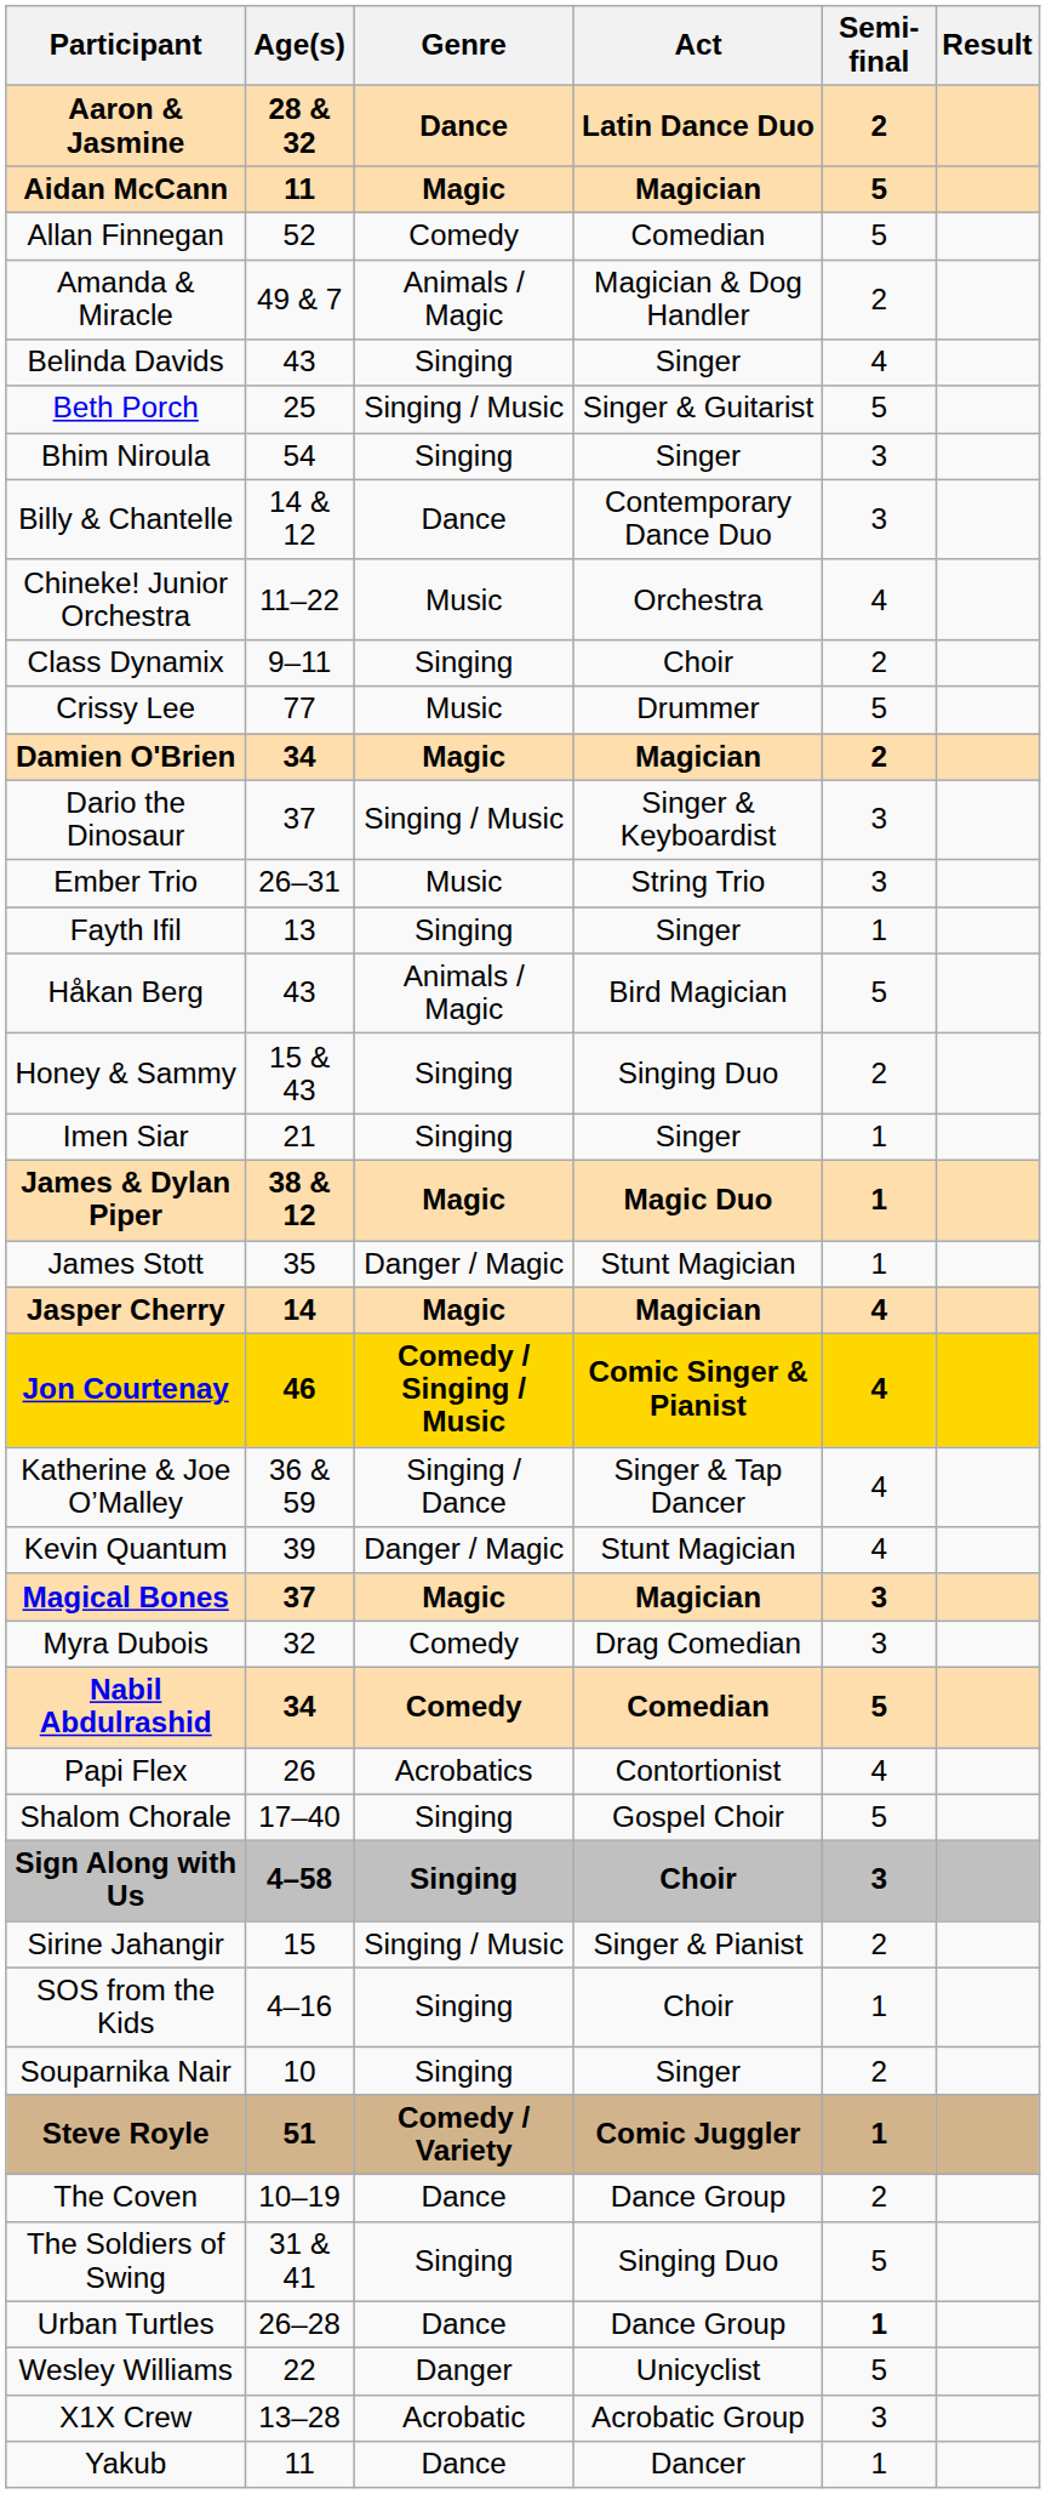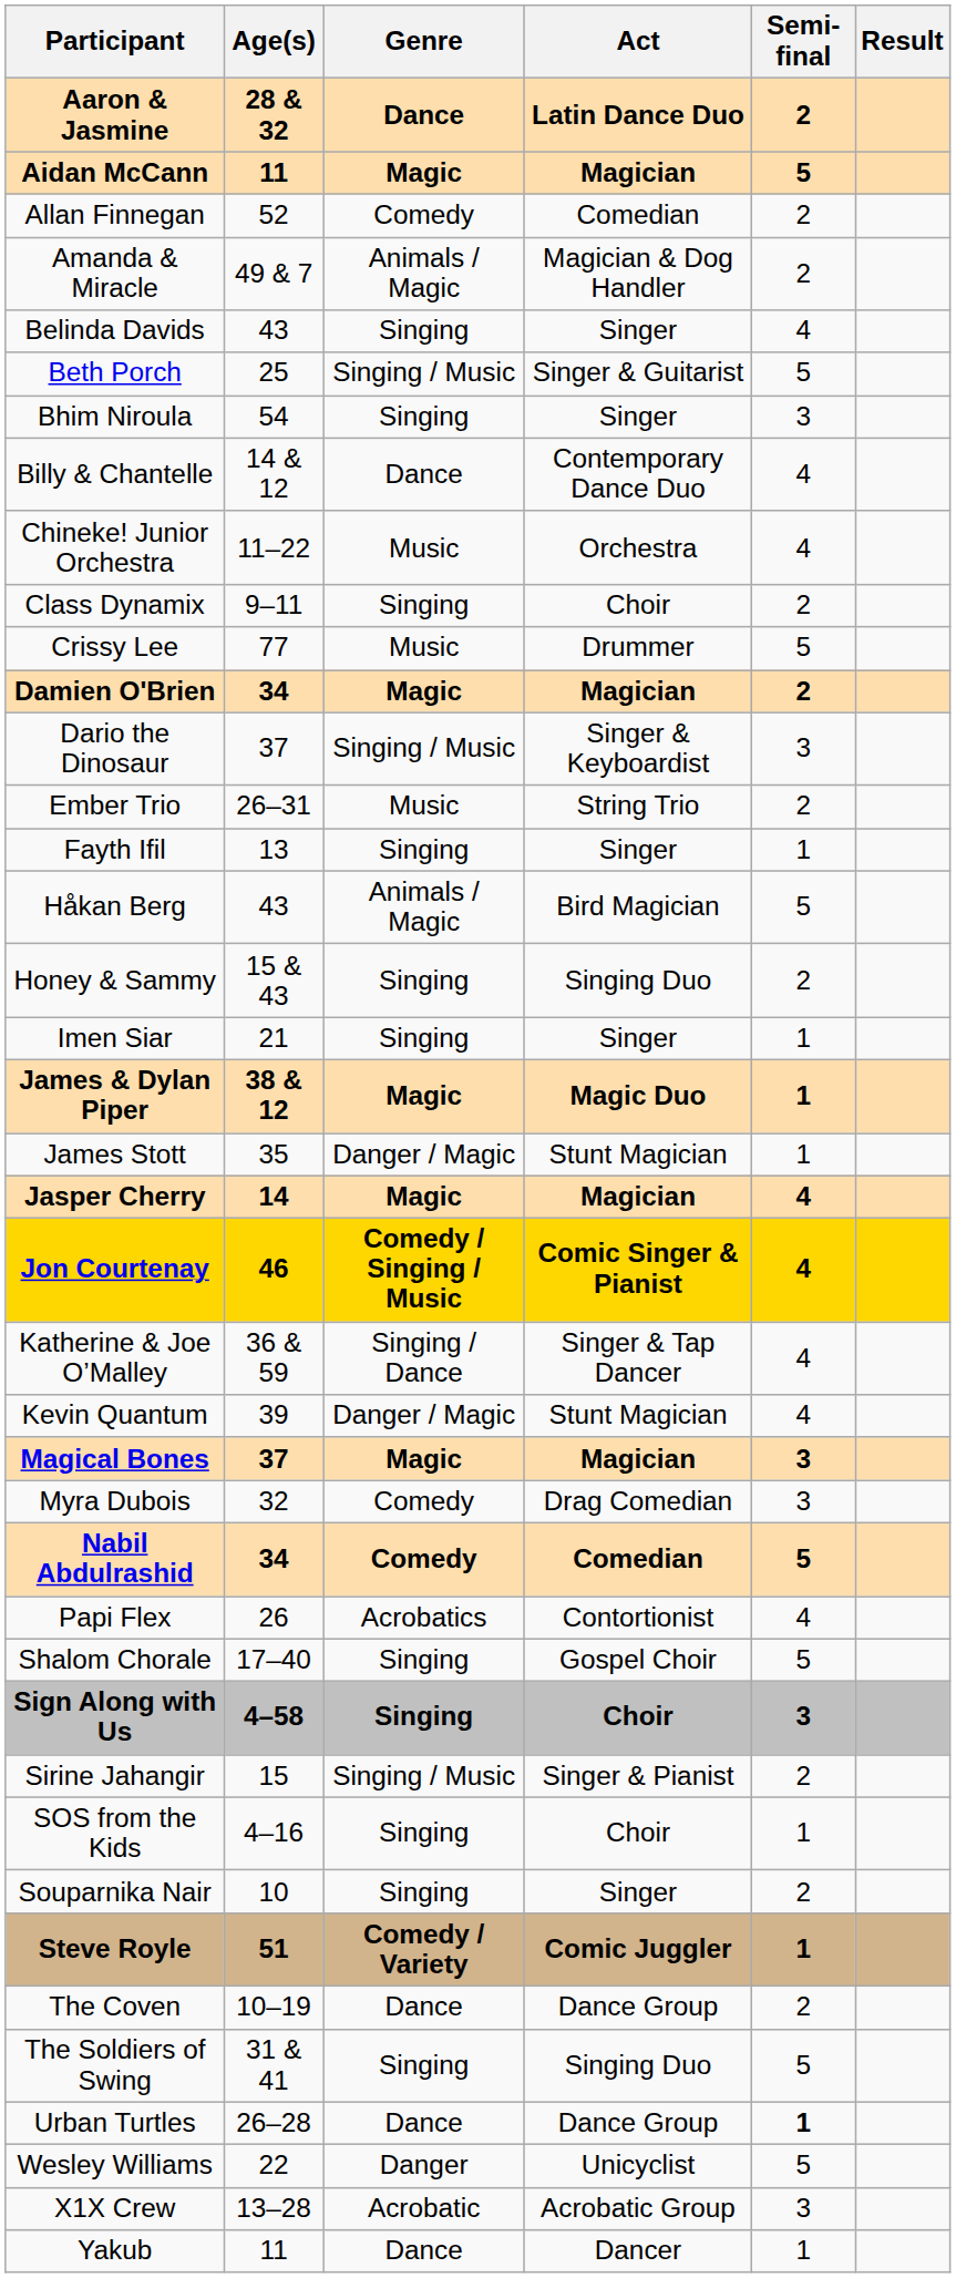 <table class="wikitable sortable" style="margin-left: auto; margin-right: auto; border: none; width:90%; text-align:center;">
 <tr>
 <th>Participant </th>
 <th class="unsortable">Age(s) </th>
 <th>Genre</th>
 <th class="unsortable">Act</th>
 <th>Semi-final</th>
 <th>Result </th>
 </tr>
 <tr style="background:NavajoWhite">
 <td><strong>Aaron & Jasmine</strong></td>
 <td><strong>28 & 32</strong></td>
 <td><strong>Dance</strong></td>
 <td><strong>Latin Dance Duo</strong></td>
 <td><strong>2</strong></td>
 <td><strong></strong></td>
 </tr>
 <tr style="background:NavajoWhite">
 <td><strong>Aidan McCann</strong></td>
 <td><strong>11</strong></td>
 <td><strong>Magic</strong></td>
 <td><strong>Magician</strong></td>
 <td><strong>5</strong></td>
 <td><strong></strong></td>
 </tr>
 <tr>
 <td>Allan Finnegan</td>
 <td>52</td>
 <td>Comedy</td>
 <td>Comedian</td>
-<td>5</td>
+<td>2</td>
 <td></td>
 </tr>
 <tr>
 <td>Amanda & Miracle</td>
 <td>49 & 7</td>
 <td>Animals / Magic</td>
 <td>Magician & Dog Handler</td>
 <td>2</td>
 <td></td>
 </tr>
 <tr>
 <td>Belinda Davids</td>
 <td>43</td>
 <td>Singing</td>
 <td>Singer</td>
 <td>4</td>
 <td></td>
 </tr>
 <tr>
 <td><a href='#'>Beth Porch</a></td>
 <td>25</td>
 <td>Singing / Music</td>
 <td>Singer & Guitarist</td>
 <td>5</td>
 <td></td>
 </tr>
 <tr>
 <td>Bhim Niroula</td>
 <td>54</td>
 <td>Singing</td>
 <td>Singer</td>
 <td>3</td>
 <td></td>
 </tr>
 <tr>
 <td>Billy & Chantelle</td>
 <td>14 & 12</td>
 <td>Dance</td>
 <td>Contemporary Dance Duo</td>
-<td>3</td>
+<td>4</td>
 <td></td>
 </tr>
 <tr>
 <td>Chineke! Junior Orchestra</td>
 <td>11–22</td>
 <td>Music</td>
 <td>Orchestra</td>
 <td>4</td>
 <td></td>
 </tr>
 <tr>
 <td>Class Dynamix</td>
 <td>9–11</td>
 <td>Singing</td>
 <td>Choir</td>
 <td>2</td>
 <td></td>
 </tr>
 <tr>
 <td>Crissy Lee</td>
 <td>77</td>
 <td>Music</td>
 <td>Drummer</td>
 <td>5</td>
 <td></td>
 </tr>
 <tr style="background:NavajoWhite">
 <td><strong>Damien O'Brien</strong></td>
 <td><strong>34</strong></td>
 <td><strong>Magic</strong></td>
 <td><strong>Magician</strong></td>
 <td><strong>2</strong></td>
 <td><strong></strong></td>
 </tr>
 <tr>
 <td>Dario the Dinosaur</td>
 <td>37</td>
 <td>Singing / Music</td>
 <td>Singer & Keyboardist</td>
 <td>3</td>
 <td></td>
 </tr>
 <tr>
 <td>Ember Trio</td>
 <td>26–31</td>
 <td>Music</td>
 <td>String Trio</td>
-<td>3</td>
+<td>2</td>
 <td></td>
 </tr>
 <tr>
 <td>Fayth Ifil </td>
 <td>13</td>
 <td>Singing</td>
 <td>Singer</td>
 <td>1</td>
 <td></td>
 </tr>
 <tr>
 <td>Håkan Berg</td>
 <td>43</td>
 <td>Animals / Magic</td>
 <td>Bird Magician</td>
 <td>5</td>
 <td></td>
 </tr>
 <tr>
 <td>Honey & Sammy </td>
 <td>15 & 43</td>
 <td>Singing</td>
 <td>Singing Duo</td>
 <td>2</td>
 <td></td>
 </tr>
 <tr>
 <td>Imen Siar</td>
 <td>21</td>
 <td>Singing</td>
 <td>Singer</td>
 <td>1</td>
 <td></td>
 </tr>
 <tr style="background:NavajoWhite">
 <td><strong>James & Dylan Piper</strong></td>
 <td><strong>38 & 12</strong></td>
 <td><strong>Magic</strong></td>
 <td><strong>Magic Duo</strong></td>
 <td><strong>1</strong></td>
 <td><strong></strong></td>
 </tr>
 <tr>
 <td>James Stott</td>
 <td>35</td>
 <td>Danger / Magic</td>
 <td>Stunt Magician</td>
 <td>1</td>
 <td></td>
 </tr>
 <tr style="background:NavajoWhite">
 <td><strong>Jasper Cherry</strong></td>
 <td><strong>14</strong></td>
 <td><strong>Magic</strong></td>
 <td><strong>Magician</strong></td>
 <td><strong>4</strong></td>
 <td><strong></strong></td>
 </tr>
 <tr style="background:gold">
 <td><strong><a href='#'>Jon Courtenay</a></strong> </td>
 <td><strong>46</strong></td>
 <td><strong>Comedy / Singing / Music</strong></td>
 <td><strong>Comic Singer & Pianist</strong></td>
 <td><strong>4</strong></td>
 <td><strong></strong></td>
 </tr>
 <tr>
 <td>Katherine & Joe O’Malley</td>
 <td>36 & 59</td>
 <td>Singing / Dance</td>
 <td>Singer & Tap Dancer</td>
 <td>4</td>
 <td></td>
 </tr>
 <tr>
 <td>Kevin Quantum</td>
 <td>39</td>
 <td>Danger / Magic</td>
 <td>Stunt Magician</td>
 <td>4</td>
 <td></td>
 </tr>
 <tr style="background:NavajoWhite">
 <td><strong><a href='#'>Magical Bones</a></strong></td>
 <td><strong>37</strong></td>
 <td><strong>Magic</strong></td>
 <td><strong>Magician</strong></td>
 <td><strong>3</strong></td>
 <td><strong></strong></td>
 </tr>
 <tr>
 <td>Myra Dubois</td>
 <td>32</td>
 <td>Comedy</td>
 <td>Drag Comedian</td>
 <td>3</td>
 <td></td>
 </tr>
 <tr style="background:NavajoWhite">
 <td><strong><a href='#'>Nabil Abdulrashid</a></strong> </td>
 <td><strong>34</strong></td>
 <td><strong>Comedy</strong></td>
 <td><strong>Comedian</strong></td>
 <td><strong>5</strong></td>
 <td><strong></strong></td>
 </tr>
 <tr>
 <td>Papi Flex</td>
 <td>26</td>
 <td>Acrobatics</td>
 <td>Contortionist</td>
 <td>4</td>
 <td></td>
 </tr>
 <tr>
 <td>Shalom Chorale</td>
 <td>17–40</td>
 <td>Singing</td>
 <td>Gospel Choir</td>
 <td>5</td>
 <td></td>
 </tr>
 <tr style="background:silver">
 <td><strong>Sign Along with Us</strong> </td>
 <td><strong>4–58</strong></td>
 <td><strong>Singing</strong></td>
 <td><strong>Choir</strong></td>
 <td><strong>3</strong></td>
 <td><strong></strong></td>
 </tr>
 <tr>
 <td>Sirine Jahangir</td>
 <td>15</td>
 <td>Singing / Music</td>
 <td>Singer & Pianist</td>
 <td>2</td>
 <td></td>
 </tr>
 <tr>
 <td>SOS from the Kids</td>
 <td>4–16</td>
 <td>Singing</td>
 <td>Choir</td>
 <td>1</td>
 <td></td>
 </tr>
 <tr>
 <td>Souparnika Nair</td>
 <td>10</td>
 <td>Singing</td>
 <td>Singer</td>
 <td>2</td>
 <td></td>
 </tr>
 <tr style="background:tan">
 <td><strong>Steve Royle</strong></td>
 <td><strong>51</strong></td>
 <td><strong>Comedy / Variety</strong></td>
 <td><strong>Comic Juggler</strong></td>
 <td><strong>1</strong></td>
 <td><strong></strong></td>
 </tr>
 <tr>
 <td>The Coven</td>
 <td>10–19</td>
 <td>Dance</td>
 <td>Dance Group</td>
 <td>2</td>
 <td></td>
 </tr>
 <tr>
 <td>The Soldiers of Swing</td>
 <td>31 & 41</td>
 <td>Singing</td>
 <td>Singing Duo</td>
 <td>5</td>
 <td></td>
 </tr>
 <tr>
 <td>Urban Turtles</td>
 <td>26–28</td>
 <td>Dance</td>
 <td>Dance Group</td>
 <td><strong>1</strong></td>
 <td></td>
 </tr>
 <tr>
 <td>Wesley Williams</td>
 <td>22</td>
 <td>Danger</td>
 <td>Unicyclist</td>
 <td>5</td>
 <td></td>
 </tr>
 <tr>
 <td>X1X Crew</td>
 <td>13–28</td>
 <td>Acrobatic</td>
 <td>Acrobatic Group</td>
 <td>3</td>
 <td></td>
 </tr>
 <tr>
 <td>Yakub</td>
 <td>11</td>
 <td>Dance</td>
 <td>Dancer</td>
 <td>1</td>
 <td></td>
 </tr>
 </table>
